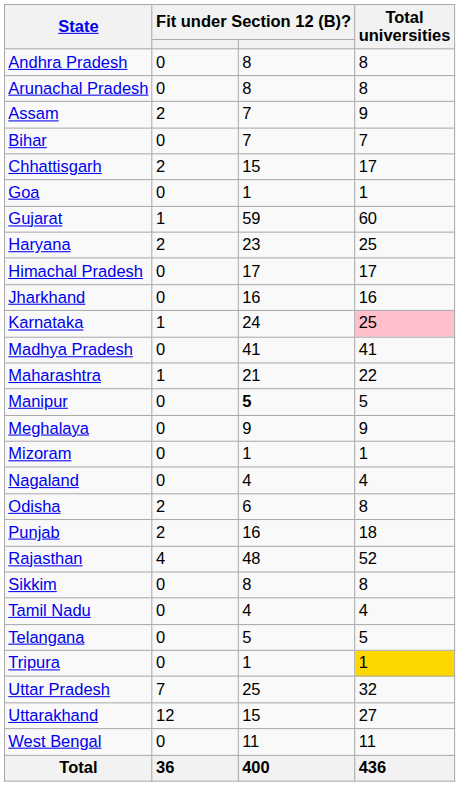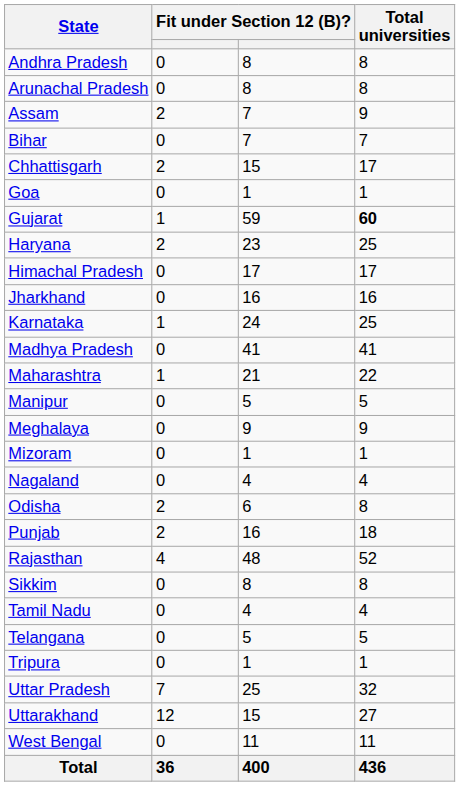 <table class="wikitable sortable collapsable plainrowheaders" border="1" style="text-align:left;">
 <tr>
 <th scope="col" rowspan = 2><a href='#'>State</a></th>
 <th scope="col" colspan = 2>Fit under Section 12 (B)?</th>
 <th scope="col" rowspan = 2>Total<br>universities</th>
 </tr>
 <tr>
 <th></th>
 <th></th>
 </tr>
 <tr>
 <td><a href='#'>Andhra Pradesh</a></td>
 <td>0</td>
 <td>8</td>
 <td>8</td>
 </tr>
 <tr>
 <td><a href='#'>Arunachal Pradesh</a></td>
 <td>0</td>
 <td>8</td>
 <td>8</td>
 </tr>
 <tr>
 <td><a href='#'>Assam</a></td>
 <td>2</td>
 <td>7</td>
 <td>9</td>
 </tr>
 <tr>
 <td><a href='#'>Bihar</a></td>
 <td>0</td>
 <td>7</td>
 <td>7</td>
 </tr>
 <tr>
 <td><a href='#'>Chhattisgarh</a></td>
 <td>2</td>
 <td>15</td>
 <td>17</td>
 </tr>
 <tr>
 <td><a href='#'>Goa</a></td>
 <td>0</td>
 <td>1</td>
 <td>1</td>
 </tr>
 <tr>
 <td><a href='#'>Gujarat</a></td>
 <td>1</td>
 <td>59</td>
-<td>60</td>
+<td><strong>60</strong></td>
 </tr>
 <tr>
 <td><a href='#'>Haryana</a></td>
 <td>2</td>
 <td>23</td>
 <td>25</td>
 </tr>
 <tr>
 <td><a href='#'>Himachal Pradesh</a></td>
 <td>0</td>
 <td>17</td>
 <td>17</td>
 </tr>
 <tr>
 <td><a href='#'>Jharkhand</a></td>
 <td>0</td>
 <td>16</td>
 <td>16</td>
 </tr>
 <tr>
 <td><a href='#'>Karnataka</a></td>
 <td>1</td>
 <td>24</td>
-<td style="background: pink;">25</td>
+<td>25</td>
 </tr>
 <tr>
 <td><a href='#'>Madhya Pradesh</a></td>
 <td>0</td>
 <td>41</td>
 <td>41</td>
 </tr>
 <tr>
 <td><a href='#'>Maharashtra</a></td>
 <td>1</td>
 <td>21</td>
 <td>22</td>
 </tr>
 <tr>
 <td><a href='#'>Manipur</a></td>
 <td>0</td>
-<td><strong>5</strong></td>
+<td>5</td>
 <td>5</td>
 </tr>
 <tr>
 <td><a href='#'>Meghalaya</a></td>
 <td>0</td>
 <td>9</td>
 <td>9</td>
 </tr>
 <tr>
 <td><a href='#'>Mizoram</a></td>
 <td>0</td>
 <td>1</td>
 <td>1</td>
 </tr>
 <tr>
 <td><a href='#'>Nagaland</a></td>
 <td>0</td>
 <td>4</td>
 <td>4</td>
 </tr>
 <tr>
 <td><a href='#'>Odisha</a></td>
 <td>2</td>
 <td>6</td>
 <td>8</td>
 </tr>
 <tr>
 <td><a href='#'>Punjab</a></td>
 <td>2</td>
 <td>16</td>
 <td>18</td>
 </tr>
 <tr>
 <td><a href='#'>Rajasthan</a></td>
 <td>4</td>
 <td>48</td>
 <td>52</td>
 </tr>
 <tr>
 <td><a href='#'>Sikkim</a></td>
 <td>0</td>
 <td>8</td>
 <td>8</td>
 </tr>
 <tr>
 <td><a href='#'>Tamil Nadu</a></td>
 <td>0</td>
 <td>4</td>
 <td>4</td>
 </tr>
 <tr>
 <td><a href='#'>Telangana</a></td>
 <td>0</td>
 <td>5</td>
 <td>5</td>
 </tr>
 <tr>
 <td><a href='#'>Tripura</a></td>
 <td>0</td>
 <td>1</td>
-<td style="background: gold;">1</td>
+<td>1</td>
 </tr>
 <tr>
 <td><a href='#'>Uttar Pradesh</a></td>
 <td>7</td>
 <td>25</td>
 <td>32</td>
 </tr>
 <tr>
 <td><a href='#'>Uttarakhand</a></td>
 <td>12</td>
 <td>15</td>
 <td>27</td>
 </tr>
 <tr>
 <td><a href='#'>West Bengal</a></td>
 <td>0</td>
 <td>11</td>
 <td>11</td>
 </tr>
 <tr class="sortbottom">
 <th scope="row">Total</th>
 <th style="text-align:left">36</th>
 <th style="text-align:left">400</th>
 <th style="text-align:left">436</th>
 </tr>
 </table>
